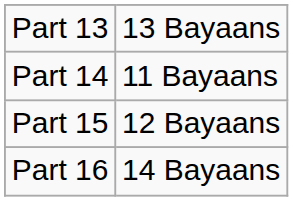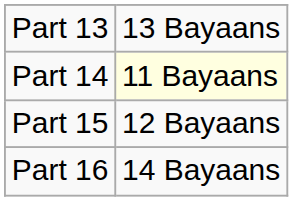 <table class="wikitable">
 <tr>
 <td>Part 13</td>
 <td>13 Bayaans</td>
 </tr>
 <tr>
 <td>Part 14</td>
-<td>11 Bayaans</td>
+<td style="background: lightyellow;">11 Bayaans</td>
 </tr>
 <tr>
 <td>Part 15</td>
 <td>12 Bayaans</td>
 </tr>
 <tr>
 <td>Part 16</td>
 <td>14 Bayaans</td>
 </tr>
 </table>
